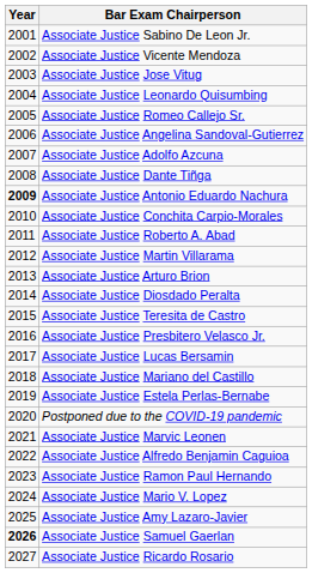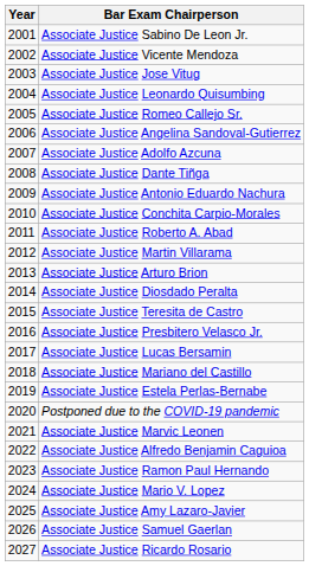 <table class="wikitable">
 <tr>
 <th><strong>Year</strong></th>
 <th><strong>Bar Exam Chairperson</strong></th>
 </tr>
 <tr>
 <td>2001</td>
 <td><a href='#'>Associate Justice</a> Sabino De Leon Jr.</td>
 </tr>
 <tr>
 <td>2002</td>
 <td><a href='#'>Associate Justice</a> Vicente Mendoza</td>
 </tr>
 <tr>
 <td>2003</td>
 <td><a href='#'>Associate Justice</a> <a href='#'>Jose Vitug</a></td>
 </tr>
 <tr>
 <td>2004</td>
 <td><a href='#'>Associate Justice</a> <a href='#'>Leonardo Quisumbing</a></td>
 </tr>
 <tr>
 <td>2005</td>
 <td><a href='#'>Associate Justice</a> <a href='#'>Romeo Callejo Sr.</a></td>
 </tr>
 <tr>
 <td>2006</td>
 <td><a href='#'>Associate Justice</a> <a href='#'>Angelina Sandoval-Gutierrez</a></td>
 </tr>
 <tr>
 <td>2007</td>
 <td><a href='#'>Associate Justice</a> <a href='#'>Adolfo Azcuna</a></td>
 </tr>
 <tr>
 <td>2008</td>
 <td><a href='#'>Associate Justice</a> <a href='#'>Dante Tiñga</a></td>
 </tr>
 <tr>
-<td><strong>2009</strong></td>
+<td>2009</td>
 <td><a href='#'>Associate Justice</a> <a href='#'>Antonio Eduardo Nachura</a></td>
 </tr>
 <tr>
 <td>2010</td>
 <td><a href='#'>Associate Justice</a> <a href='#'>Conchita Carpio-Morales</a></td>
 </tr>
 <tr>
 <td>2011</td>
 <td><a href='#'>Associate Justice</a> <a href='#'>Roberto A. Abad</a></td>
 </tr>
 <tr>
 <td>2012</td>
 <td><a href='#'>Associate Justice</a> <a href='#'>Martin Villarama</a></td>
 </tr>
 <tr>
 <td>2013</td>
 <td><a href='#'>Associate Justice</a> <a href='#'>Arturo Brion</a></td>
 </tr>
 <tr>
 <td>2014</td>
 <td><a href='#'>Associate Justice</a> <a href='#'>Diosdado Peralta</a></td>
 </tr>
 <tr>
 <td>2015</td>
 <td><a href='#'>Associate Justice</a> <a href='#'>Teresita de Castro</a></td>
 </tr>
 <tr>
 <td>2016</td>
 <td><a href='#'>Associate Justice</a> <a href='#'>Presbitero Velasco Jr.</a></td>
 </tr>
 <tr>
 <td>2017</td>
 <td><a href='#'>Associate Justice</a> <a href='#'>Lucas Bersamin</a></td>
 </tr>
 <tr>
 <td>2018</td>
 <td><a href='#'>Associate Justice</a> <a href='#'>Mariano del Castillo</a></td>
 </tr>
 <tr>
 <td>2019</td>
 <td><a href='#'>Associate Justice</a> <a href='#'>Estela Perlas-Bernabe</a></td>
 </tr>
 <tr>
 <td>2020</td>
 <td><em>Postponed due to the <a href='#'>COVID-19 pandemic</a></em></td>
 </tr>
 <tr>
 <td>2021</td>
 <td><a href='#'>Associate Justice</a> <a href='#'>Marvic Leonen</a></td>
 </tr>
 <tr>
 <td>2022</td>
 <td><a href='#'>Associate Justice</a> <a href='#'>Alfredo Benjamin Caguioa</a></td>
 </tr>
 <tr>
 <td>2023</td>
 <td><a href='#'>Associate Justice</a> <a href='#'>Ramon Paul Hernando</a></td>
 </tr>
 <tr>
 <td>2024</td>
 <td><a href='#'>Associate Justice</a> <a href='#'>Mario V. Lopez</a></td>
 </tr>
 <tr>
 <td>2025</td>
 <td><a href='#'>Associate Justice</a> <a href='#'>Amy Lazaro-Javier</a></td>
 </tr>
 <tr>
-<td><strong>2026</strong></td>
+<td>2026</td>
 <td><a href='#'>Associate Justice</a> <a href='#'>Samuel Gaerlan</a></td>
 </tr>
 <tr>
 <td>2027</td>
 <td><a href='#'>Associate Justice</a> <a href='#'>Ricardo Rosario</a></td>
 </tr>
 </table>
